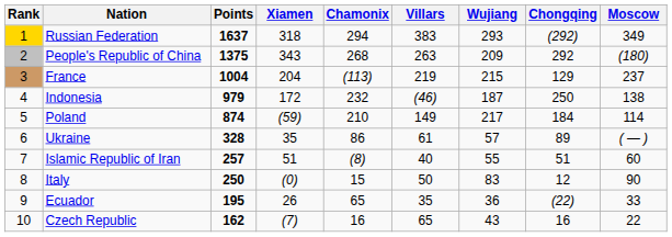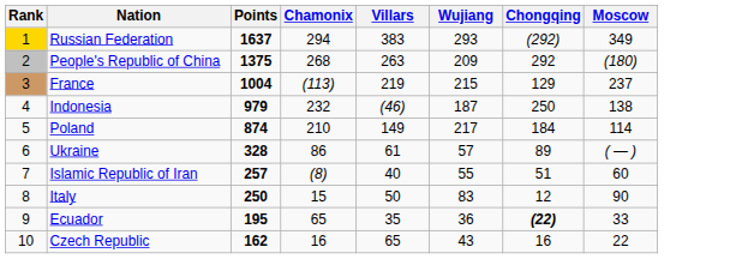 <table class="wikitable sortable" style="text-align: center;">
 <tr>
 <th>Rank</th>
 <th width = "200">Nation</th>
 <th>Points</th>
-<th width = "75" data-sort-type="number"><a href='#'>Xiamen</a></th>
 <th width = "75" data-sort-type="number"><a href='#'>Chamonix</a></th>
 <th width = "75" data-sort-type="number"><a href='#'>Villars</a></th>
 <th width = "75" data-sort-type="number"><a href='#'>Wujiang</a></th>
 <th width = "75" data-sort-type="number"><a href='#'>Chongqing</a></th>
 <th width = "75" data-sort-type="number"><a href='#'>Moscow</a></th>
 </tr>
 <tr>
 <td style="background: gold">1</td>
 <td align="left"> <a href='#'>Russian Federation</a></td>
 <td><strong>1637</strong></td>
-<td>318</td>
 <td>294</td>
 <td>383</td>
 <td>293</td>
 <td><em>(292)</em></td>
 <td>349</td>
 </tr>
 <tr>
 <td style="background: silver">2</td>
 <td align="left"> <a href='#'>People's Republic of China</a></td>
 <td><strong>1375</strong></td>
-<td>343</td>
 <td>268</td>
 <td>263</td>
 <td>209</td>
 <td>292</td>
 <td><em>(180)</em></td>
 </tr>
 <tr>
 <td style="background: #cc9966">3</td>
 <td align="left"> <a href='#'>France</a></td>
 <td><strong>1004</strong></td>
-<td>204</td>
 <td><em>(113)</em></td>
 <td>219</td>
 <td>215</td>
 <td>129</td>
 <td>237</td>
 </tr>
 <tr>
 <td>4</td>
 <td align="left"> <a href='#'>Indonesia</a></td>
 <td><strong>979</strong></td>
-<td>172</td>
 <td>232</td>
 <td><em>(46)</em></td>
 <td>187</td>
 <td>250</td>
 <td>138</td>
 </tr>
 <tr>
 <td>5</td>
 <td align="left"> <a href='#'>Poland</a></td>
 <td><strong>874</strong></td>
-<td><em>(59)</em></td>
 <td>210</td>
 <td>149</td>
 <td>217</td>
 <td>184</td>
 <td>114</td>
 </tr>
 <tr>
 <td>6</td>
 <td align="left"> <a href='#'>Ukraine</a></td>
 <td><strong>328</strong></td>
-<td>35</td>
 <td>86</td>
 <td>61</td>
 <td>57</td>
 <td>89</td>
 <td><em>( — )</em></td>
 </tr>
 <tr>
 <td>7</td>
 <td align="left"> <a href='#'>Islamic Republic of Iran</a></td>
 <td><strong>257</strong></td>
-<td>51</td>
 <td><em>(8)</em></td>
 <td>40</td>
 <td>55</td>
 <td>51</td>
 <td>60</td>
 </tr>
 <tr>
 <td>8</td>
 <td align="left"> <a href='#'>Italy</a></td>
 <td><strong>250</strong></td>
-<td><em>(0)</em></td>
 <td>15</td>
 <td>50</td>
 <td>83</td>
 <td>12</td>
 <td>90</td>
 </tr>
 <tr>
 <td>9</td>
 <td align="left"> <a href='#'>Ecuador</a></td>
 <td><strong>195</strong></td>
-<td>26</td>
 <td>65</td>
 <td>35</td>
 <td>36</td>
-<td><em>(22)</em></td>
+<td><strong><em>(22)</em></strong></td>
 <td>33</td>
 </tr>
 <tr>
 <td>10</td>
 <td align="left"> <a href='#'>Czech Republic</a></td>
 <td><strong>162</strong></td>
-<td><em>(7)</em></td>
 <td>16</td>
 <td>65</td>
 <td>43</td>
 <td>16</td>
 <td>22</td>
 </tr>
 </table>
